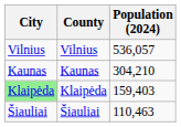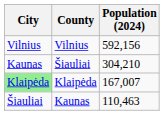 <table class="wikitable sortable sticky-header col3right">
 <tr>
 <th>City</th>
 <th>County</th>
 <th>Population<br>(2024)</th>
 </tr>
 <tr>
 <td><a href='#'>Vilnius</a></td>
 <td><a href='#'>Vilnius</a></td>
-<td>536,057</td>
+<td>592,156</td>
 </tr>
 <tr>
 <td><a href='#'>Kaunas</a></td>
-<td><a href='#'>Kaunas</a></td>
+<td><a href='#'>Šiauliai</a></td>
 <td>304,210</td>
 </tr>
 <tr>
 <td style="background: lightgreen;"><a href='#'>Klaipėda</a></td>
 <td><a href='#'>Klaipėda</a></td>
-<td>159,403</td>
+<td>167,007</td>
 </tr>
 <tr>
 <td><a href='#'>Šiauliai</a></td>
-<td><a href='#'>Šiauliai</a></td>
+<td><a href='#'>Kaunas</a></td>
 <td>110,463</td>
 </tr>
 </table>
